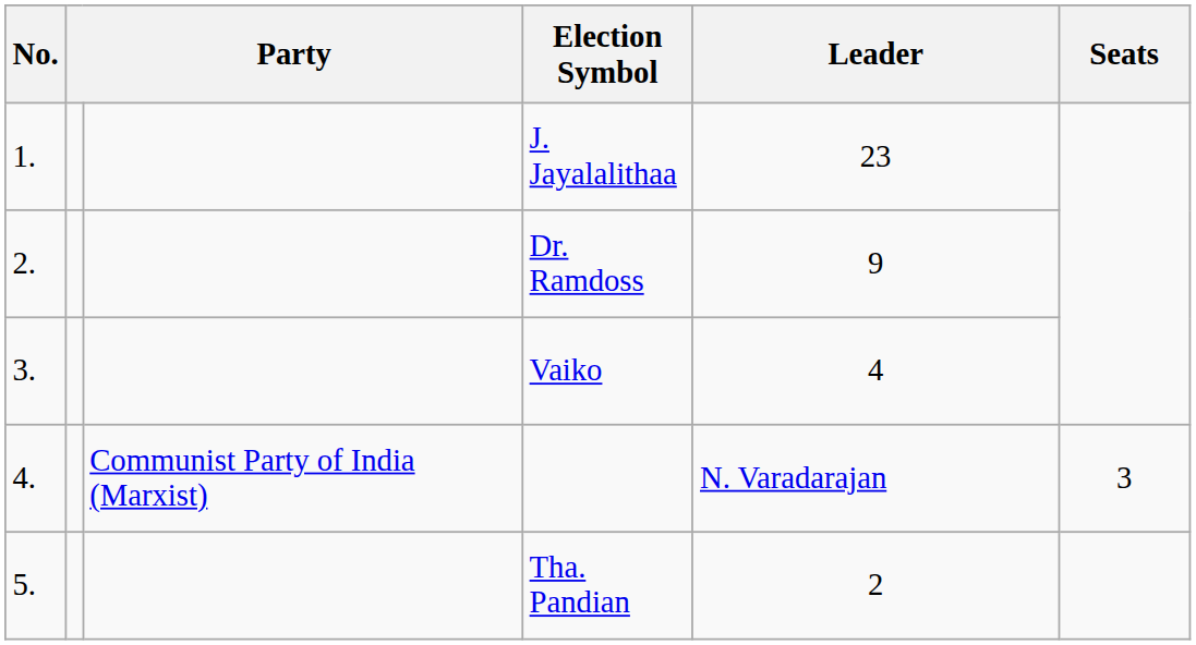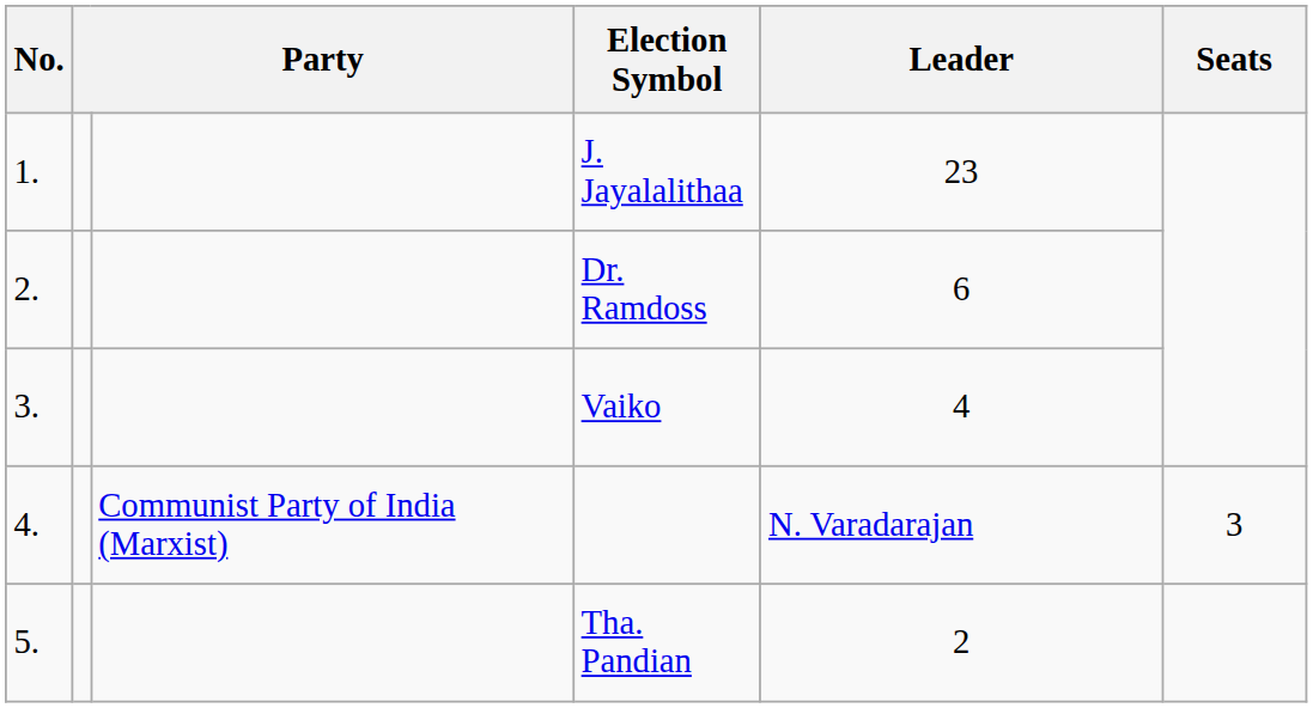 <table class="wikitable">
 <tr style="height: 50px;">
 <th scope="col" style="width:4px;">No.<br></th>
 <th scope="col" style="width:300px;" colspan="2">Party</th>
 <th scope="col" style="width:80px;">Election Symbol</th>
 <th scope="col" style="width:180px;">Leader</th>
 <th scope="col" style="width:60px;">Seats</th>
 </tr>
 <tr style="height: 55px;">
 <td>1.</td>
 <td></td>
 <td style="text-align:center;"></td>
 <td><a href='#'>J. Jayalalithaa</a></td>
 <td style="text-align:center;">23</td>
 </tr>
 <tr style="height: 55px;">
 <td>2.</td>
 <td></td>
 <td style="text-align:center;"></td>
 <td><a href='#'>Dr. Ramdoss</a></td>
-<td style="text-align:center;">9</td>
+<td style="text-align:center;">6</td>
 </tr>
 <tr style="height: 55px;">
 <td>3.</td>
 <td></td>
 <td style="text-align:center;"></td>
 <td><a href='#'>Vaiko</a></td>
 <td style="text-align:center;">4</td>
 </tr>
 <tr style="height: 55px;">
 <td>4.</td>
 <td></td>
 <td><a href='#'>Communist Party of India  (Marxist)</a></td>
 <td style="text-align:center;"></td>
 <td><a href='#'>N. Varadarajan</a></td>
 <td style="text-align:center;">3</td>
 </tr>
 <tr style="height: 55px;">
 <td>5.</td>
 <td></td>
 <td style="text-align:center;"></td>
 <td><a href='#'>Tha. Pandian</a></td>
 <td style="text-align:center;">2</td>
 </tr>
 </table>
